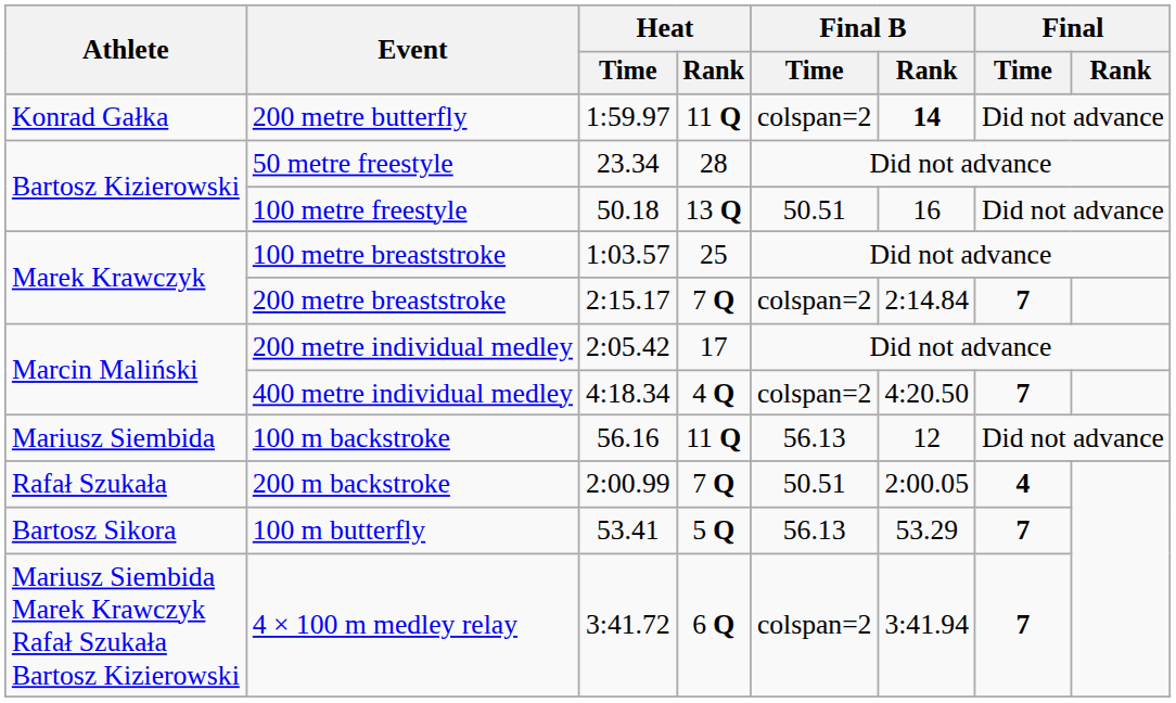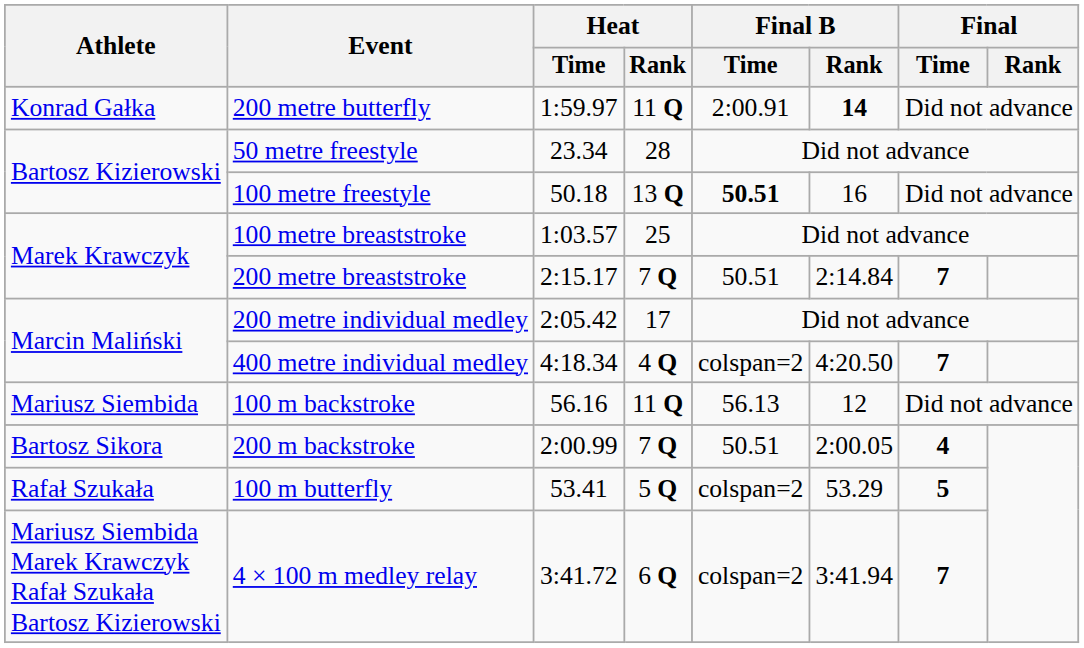 <table class=wikitable style="font-size:90%">
 <tr>
 <th rowspan="2">Athlete</th>
 <th rowspan="2">Event</th>
 <th colspan="2">Heat</th>
 <th colspan="2">Final B</th>
 <th colspan="2">Final</th>
 </tr>
 <tr style="font-size:95%">
 <th>Time</th>
 <th>Rank</th>
 <th>Time</th>
 <th>Rank</th>
 <th>Time</th>
 <th>Rank</th>
 </tr>
 <tr align=center>
 <td align=left rowspan=1><a href='#'>Konrad Gałka</a></td>
 <td align=left><a href='#'>200 metre butterfly</a></td>
 <td>1:59.97</td>
 <td>11 <strong>Q</strong></td>
-<td>colspan=2 </td>
+<td>2:00.91</td>
 <td><strong>14</strong></td>
 <td colspan=4>Did not advance</td>
 </tr>
 <tr align=center>
 <td align=left rowspan=2><a href='#'>Bartosz Kizierowski</a></td>
 <td align=left><a href='#'>50 metre freestyle</a></td>
 <td>23.34</td>
 <td>28</td>
 <td colspan=4>Did not advance</td>
 </tr>
 <tr align=center>
 <td align=left><a href='#'>100 metre freestyle</a></td>
 <td>50.18</td>
 <td>13 <strong>Q</strong></td>
-<td>50.51</td>
+<td><strong>50.51</strong></td>
 <td>16</td>
 <td colspan=4>Did not advance</td>
 </tr>
 <tr align=center>
 <td align=left rowspan=2><a href='#'>Marek Krawczyk</a></td>
 <td align=left><a href='#'>100 metre breaststroke</a></td>
 <td>1:03.57</td>
 <td>25</td>
 <td colspan=4>Did not advance</td>
 </tr>
 <tr align=center>
 <td align=left><a href='#'>200 metre breaststroke</a></td>
 <td>2:15.17</td>
 <td>7 <strong>Q</strong></td>
-<td>colspan=2 </td>
+<td>50.51</td>
 <td>2:14.84</td>
 <td><strong>7</strong></td>
 </tr>
 <tr align=center>
 <td align=left rowspan=2><a href='#'>Marcin Maliński</a></td>
 <td align=left><a href='#'>200 metre individual medley</a></td>
 <td>2:05.42</td>
 <td>17</td>
 <td colspan=4>Did not advance</td>
 </tr>
 <tr align=center>
 <td align=left><a href='#'>400 metre individual medley</a></td>
 <td>4:18.34</td>
 <td>4 <strong>Q</strong></td>
 <td>colspan=2 </td>
 <td>4:20.50</td>
 <td><strong>7</strong></td>
 </tr>
 <tr align=center>
 <td align=left><a href='#'>Mariusz Siembida</a></td>
 <td align=left><a href='#'>100 m backstroke</a></td>
 <td>56.16</td>
 <td>11 <strong>Q</strong></td>
 <td>56.13</td>
 <td>12</td>
 <td colspan=4>Did not advance</td>
 </tr>
 <tr align=center>
-<td align=left><a href='#'>Rafał Szukała</a></td>
+<td align=left><a href='#'>Bartosz Sikora</a></td>
 <td align=left><a href='#'>200 m backstroke</a></td>
 <td>2:00.99</td>
 <td>7 <strong>Q</strong></td>
 <td>50.51</td>
 <td>2:00.05</td>
 <td><strong>4</strong></td>
 </tr>
 <tr align=center>
-<td align=left><a href='#'>Bartosz Sikora</a></td>
+<td align=left><a href='#'>Rafał Szukała</a></td>
 <td align=left><a href='#'>100 m butterfly</a></td>
 <td>53.41</td>
 <td>5 <strong>Q</strong></td>
-<td>56.13</td>
+<td>colspan=2 </td>
 <td>53.29</td>
-<td><strong>7</strong></td>
+<td><strong>5</strong></td>
 </tr>
 <tr align=center>
 <td align=left><a href='#'>Mariusz Siembida</a><br><a href='#'>Marek Krawczyk</a><br><a href='#'>Rafał Szukała</a><br><a href='#'>Bartosz Kizierowski</a></td>
 <td align=left><a href='#'>4 × 100 m medley relay</a></td>
 <td>3:41.72</td>
 <td>6 <strong>Q</strong></td>
 <td>colspan=2 </td>
 <td>3:41.94</td>
 <td><strong>7</strong></td>
 </tr>
 </table>
